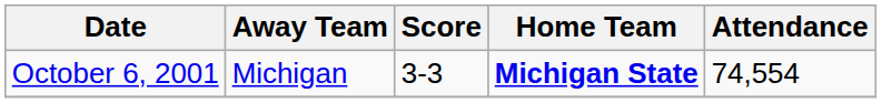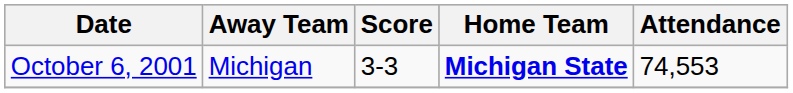 <table class="wikitable">
 <tr>
 <th>Date</th>
 <th>Away Team</th>
 <th>Score</th>
 <th>Home Team</th>
 <th>Attendance</th>
 </tr>
 <tr>
 <td><a href='#'>October 6, 2001</a></td>
 <td><a href='#'>Michigan</a></td>
 <td>3-3</td>
 <td><strong><a href='#'>Michigan State</a></strong></td>
-<td>74,554</td>
+<td>74,553</td>
 </tr>
 <tr>
 </tr>
 </table>
